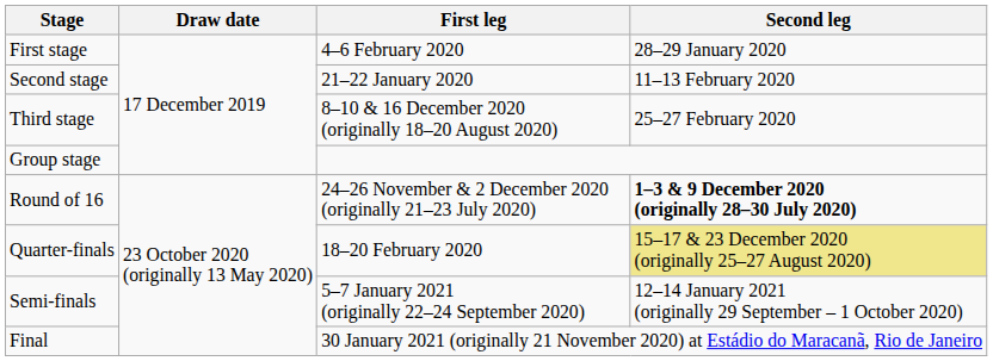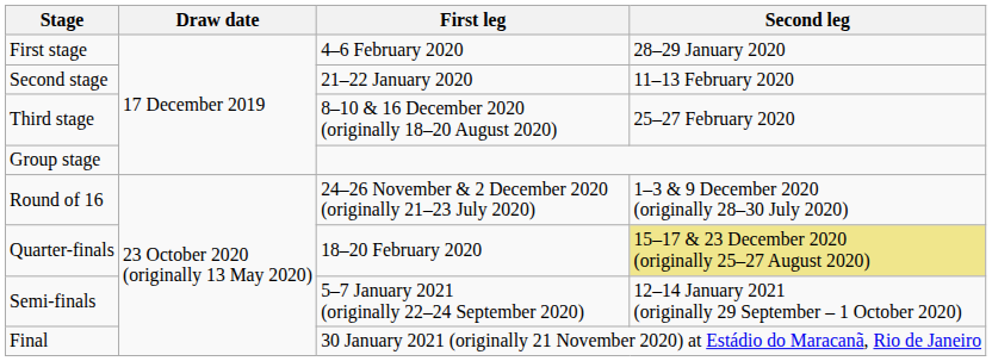 <table class="wikitable">
 <tr>
 <th>Stage</th>
 <th>Draw date</th>
 <th>First leg</th>
 <th>Second leg</th>
 </tr>
 <tr>
 <td>First stage</td>
 <td rowspan=4>17 December 2019</td>
 <td>4–6 February 2020</td>
 <td>28–29 January 2020</td>
 </tr>
 <tr>
 <td>Second stage</td>
 <td>21–22 January 2020</td>
 <td>11–13 February 2020</td>
 </tr>
 <tr>
 <td>Third stage</td>
 <td>8–10 & 16 December 2020<br>(originally 18–20 August 2020)</td>
 <td>25–27 February 2020</td>
 </tr>
 <tr>
 <td>Group stage</td>
 <td colspan=2></td>
 </tr>
 <tr>
 <td>Round of 16</td>
 <td rowspan=4>23 October 2020<br>(originally 13 May 2020)</td>
 <td>24–26 November & 2 December 2020<br>(originally 21–23 July 2020)</td>
-<td><strong>1–3 & 9 December 2020<br>(originally 28–30 July 2020)</strong></td>
+<td>1–3 & 9 December 2020<br>(originally 28–30 July 2020)</td>
 </tr>
 <tr>
 <td>Quarter-finals</td>
 <td>18–20 February 2020</td>
 <td style="background: khaki;">15–17 & 23 December 2020<br>(originally 25–27 August 2020)</td>
 </tr>
 <tr>
 <td>Semi-finals</td>
 <td>5–7 January 2021<br>(originally 22–24 September 2020)</td>
 <td>12–14 January 2021<br>(originally 29 September – 1 October 2020)</td>
 </tr>
 <tr>
 <td>Final</td>
 <td colspan=2>30 January 2021 (originally 21 November 2020) at <a href='#'>Estádio do Maracanã</a>, <a href='#'>Rio de Janeiro</a></td>
 </tr>
 </table>
